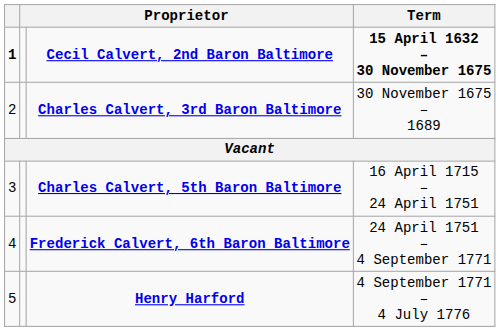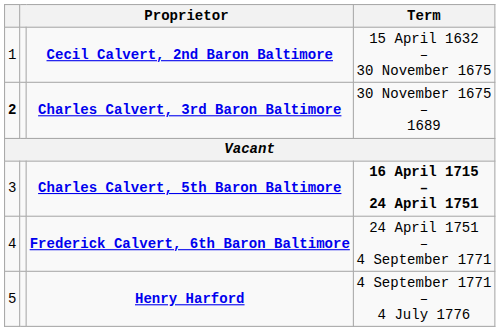 <table class="wikitable sortable" style="text-align:center;">
 <tr>
 <th></th>
 <th colspan="2">Proprietor</th>
 <th>Term</th>
 </tr>
 <tr>
-<td><strong>1</strong></td>
+<td>1</td>
 <td></td>
 <td><strong><a href='#'>Cecil Calvert, 2nd Baron Baltimore</a></strong><br></td>
-<td><strong>15 April 1632<br>–<br>30 November 1675</strong></td>
+<td>15 April 1632<br>–<br>30 November 1675</td>
 </tr>
 <tr>
-<td>2</td>
+<td><strong>2</strong></td>
 <td></td>
 <td><strong><a href='#'>Charles Calvert, 3rd Baron Baltimore</a></strong><br></td>
 <td>30 November 1675<br>–<br>1689</td>
 </tr>
 <tr>
 <th colspan="4"><strong><em>Vacant</em></strong></th>
 </tr>
 <tr>
 <td>3</td>
 <td></td>
 <td><strong><a href='#'>Charles Calvert, 5th Baron Baltimore</a></strong><br></td>
-<td>16 April 1715<br>–<br>24 April 1751</td>
+<td><strong>16 April 1715<br>–<br>24 April 1751</strong></td>
 </tr>
 <tr>
 <td>4</td>
 <td></td>
 <td><strong><a href='#'>Frederick Calvert, 6th Baron Baltimore</a></strong><br></td>
 <td>24 April 1751<br>–<br>4 September 1771</td>
 </tr>
 <tr>
 <td>5</td>
 <td></td>
 <td><strong><a href='#'>Henry Harford</a></strong><br></td>
 <td>4 September 1771<br>–<br>4 July 1776</td>
 </tr>
 </table>
